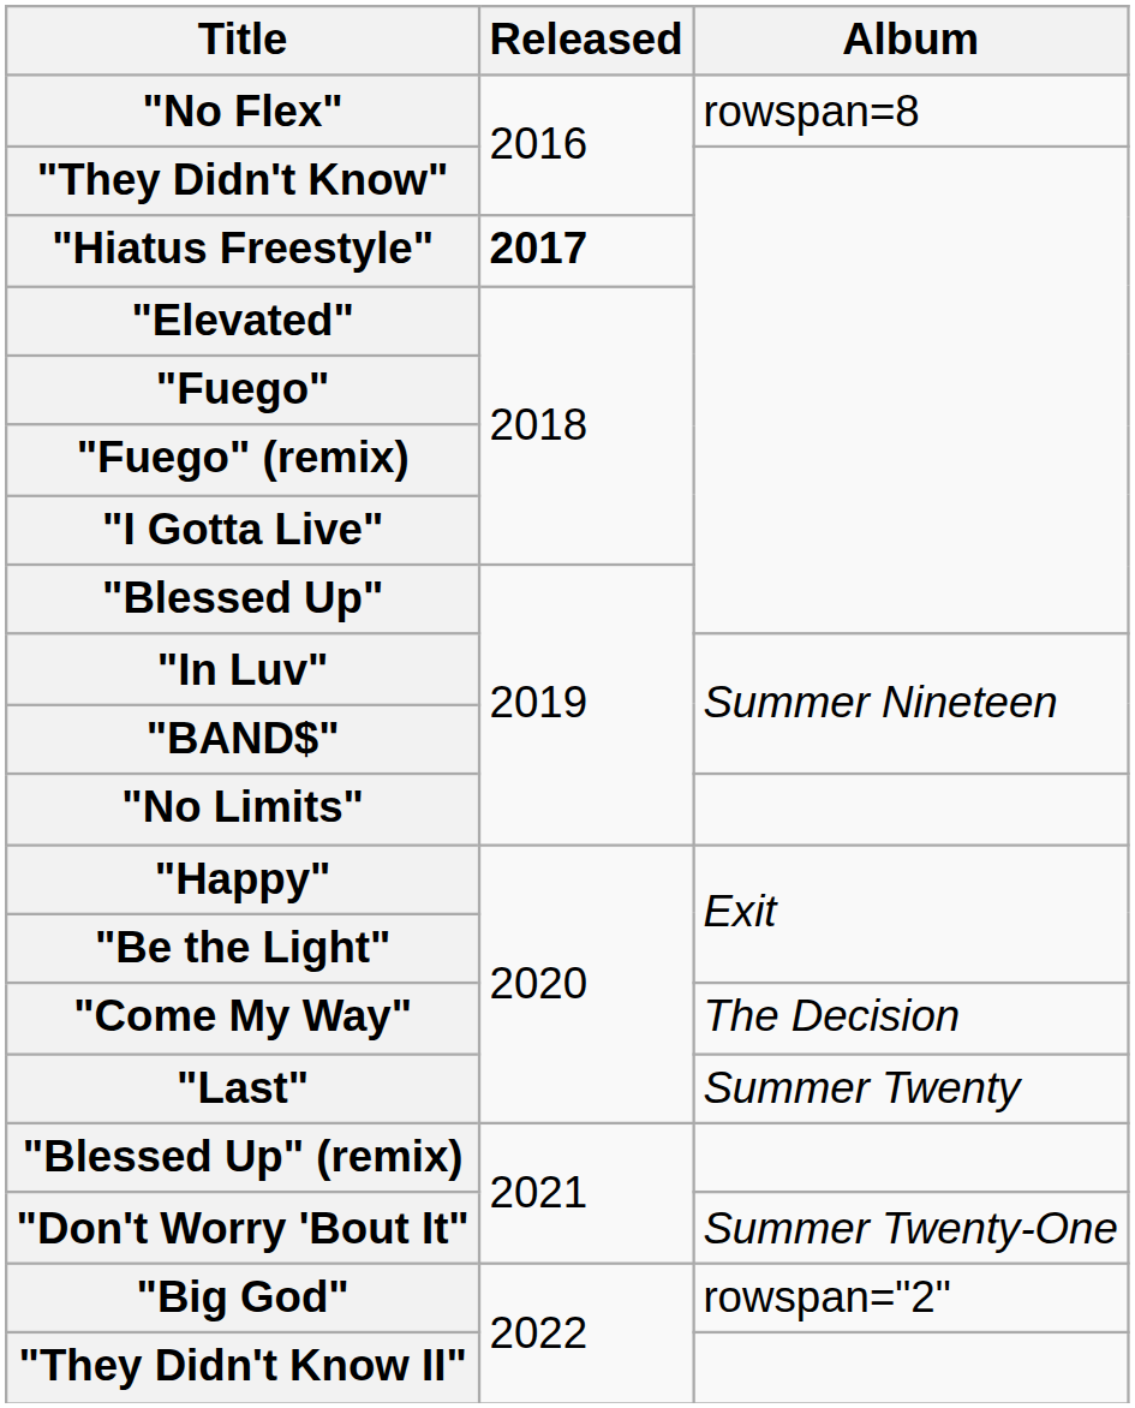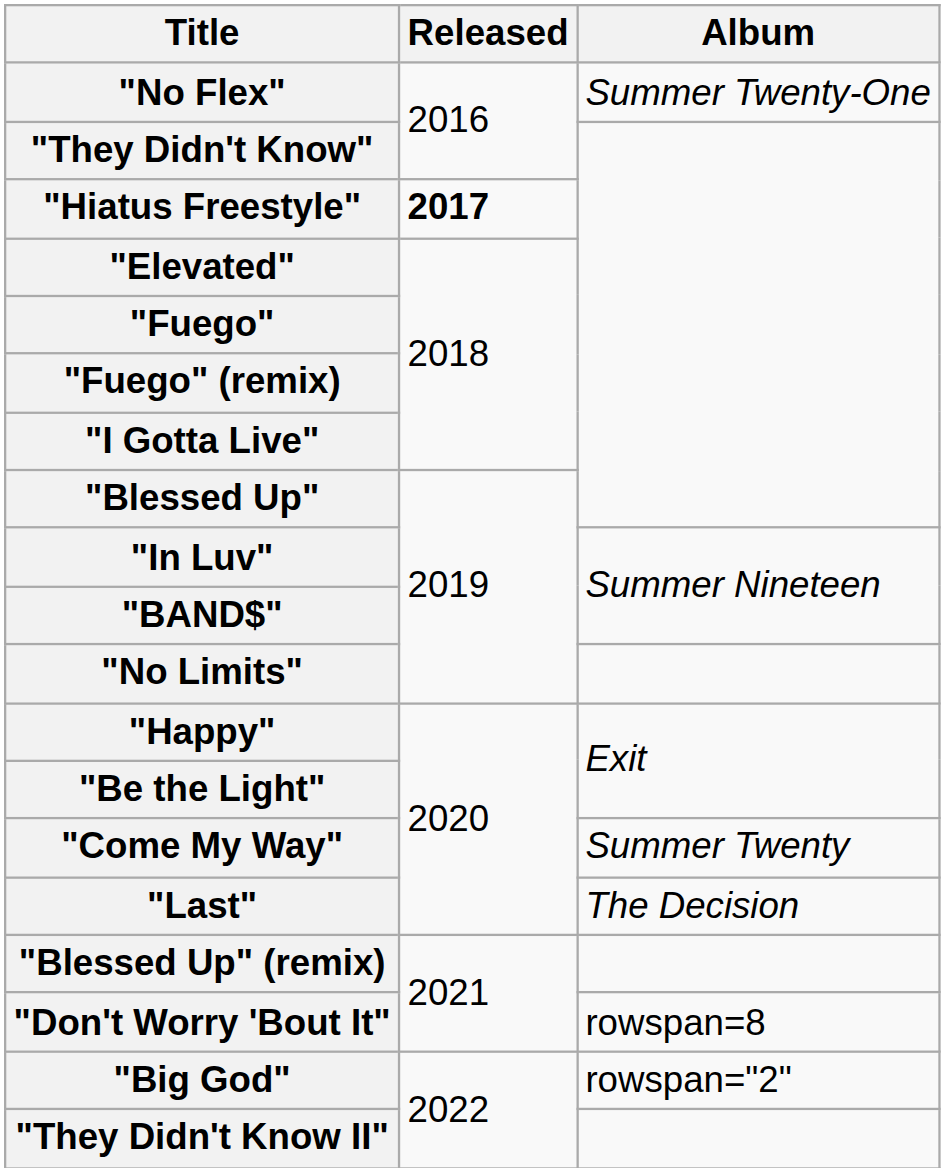 <table class="wikitable plainrowheaders">
 <tr>
 <th scope=col>Title</th>
 <th scope=col>Released</th>
 <th scope=col>Album</th>
 </tr>
 <tr>
 <th scope=row>"No Flex"<br></th>
 <td rowspan=2>2016</td>
-<td>rowspan=8 </td>
+<td><em>Summer Twenty-One</em></td>
 </tr>
 <tr>
 <th scope=row>"They Didn't Know"</th>
 </tr>
 <tr>
 <th scope=row>"Hiatus Freestyle"</th>
 <td><strong>2017</strong></td>
 </tr>
 <tr>
 <th scope=row>"Elevated"<br></th>
 <td rowspan=4>2018</td>
 </tr>
 <tr>
 <th scope=row>"Fuego"</th>
 </tr>
 <tr>
 <th scope=row>"Fuego" (remix)<br></th>
 </tr>
 <tr>
 <th scope=row>"I Gotta Live"</th>
 </tr>
 <tr>
 <th scope=row>"Blessed Up"</th>
 <td rowspan=4>2019</td>
 </tr>
 <tr>
 <th scope=row>"In Luv"</th>
 <td rowspan="2"><em>Summer Nineteen</em></td>
 </tr>
 <tr>
 <th scope=row>"BAND$"<br></th>
 </tr>
 <tr>
 <th scope=row>"No Limits"</th>
 <td></td>
 </tr>
 <tr>
 <th scope=row>"Happy"</th>
 <td rowspan=4>2020</td>
 <td rowspan="2"><em>Exit</em></td>
 </tr>
 <tr>
 <th scope=row>"Be the Light"<br></th>
 </tr>
 <tr>
 <th scope=row>"Come My Way"<br></th>
-<td><em>The Decision</em></td>
+<td><em>Summer Twenty</em></td>
 </tr>
 <tr>
 <th scope=row>"Last"</th>
-<td><em>Summer Twenty</em></td>
+<td><em>The Decision</em></td>
 </tr>
 <tr>
 <th scope=row>"Blessed Up" (remix)<br></th>
 <td rowspan=2>2021</td>
 <td></td>
 </tr>
 <tr>
 <th scope=row>"Don't Worry 'Bout It"<br></th>
-<td><em>Summer Twenty-One</em></td>
+<td>rowspan=8 </td>
 </tr>
 <tr>
 <th scope=row>"Big God"</th>
 <td rowspan=2>2022</td>
 <td>rowspan="2" </td>
 </tr>
 <tr>
 <th scope=row>"They Didn't Know II"</th>
 </tr>
 </table>
